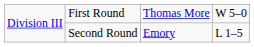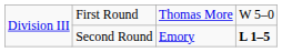 <table class="wikitable">
 <tr>
 <td rowspan="5"><a href='#'>Division III</a></td>
 <td>First Round</td>
 <td><a href='#'>Thomas More</a></td>
 <td>W 5–0</td>
 </tr>
 <tr>
 <td>Second Round</td>
 <td><a href='#'>Emory</a></td>
-<td>L 1–5</td>
+<td><strong>L 1–5</strong></td>
 </tr>
 </table>
